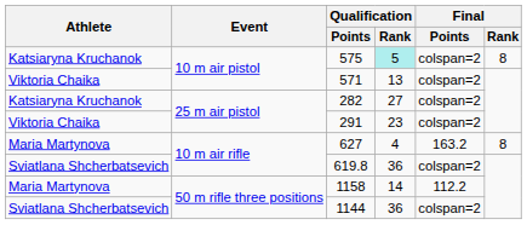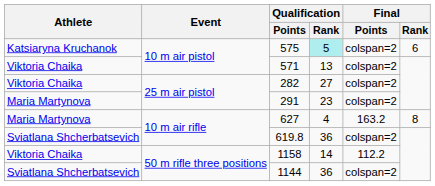 <table class="wikitable" style="text-align:center; font-size:90%">
 <tr>
 <th rowspan=2>Athlete</th>
 <th rowspan=2>Event</th>
 <th colspan=2>Qualification</th>
 <th colspan=2>Final</th>
 </tr>
 <tr style="font-size:95%">
 <th>Points</th>
 <th>Rank</th>
 <th>Points</th>
 <th>Rank</th>
 </tr>
 <tr>
 <td align=left><a href='#'>Katsiaryna Kruchanok</a></td>
 <td align=left rowspan=2><a href='#'>10 m air pistol</a></td>
 <td>575</td>
 <td style="background: paleturquoise;">5</td>
 <td>colspan=2 </td>
-<td>8</td>
+<td>6</td>
 </tr>
 <tr>
 <td align=left><a href='#'>Viktoria Chaika</a></td>
 <td>571</td>
 <td>13</td>
 <td>colspan=2 </td>
 </tr>
 <tr>
-<td align=left><a href='#'>Katsiaryna Kruchanok</a></td>
+<td align=left><a href='#'>Viktoria Chaika</a></td>
 <td align=left rowspan=2><a href='#'>25 m air pistol</a></td>
 <td>282</td>
 <td>27</td>
 <td>colspan=2 </td>
 </tr>
 <tr>
-<td align=left><a href='#'>Viktoria Chaika</a></td>
+<td align=left><a href='#'>Maria Martynova</a></td>
 <td>291</td>
 <td>23</td>
 <td>colspan=2 </td>
 </tr>
 <tr>
 <td align=left><a href='#'>Maria Martynova</a></td>
 <td align=left rowspan=2><a href='#'>10 m air rifle</a></td>
 <td>627</td>
 <td>4</td>
 <td>163.2</td>
 <td>8</td>
 </tr>
 <tr>
 <td align=left><a href='#'>Sviatlana Shcherbatsevich</a></td>
 <td>619.8</td>
 <td>36</td>
 <td>colspan=2 </td>
 </tr>
 <tr>
-<td align=left><a href='#'>Maria Martynova</a></td>
+<td align=left><a href='#'>Viktoria Chaika</a></td>
 <td align=left rowspan=2><a href='#'>50 m rifle three positions</a></td>
 <td>1158</td>
 <td>14</td>
 <td>112.2</td>
 </tr>
 <tr>
 <td align=left><a href='#'>Sviatlana Shcherbatsevich</a></td>
 <td>1144</td>
 <td>36</td>
 <td>colspan=2 </td>
 </tr>
 </table>
